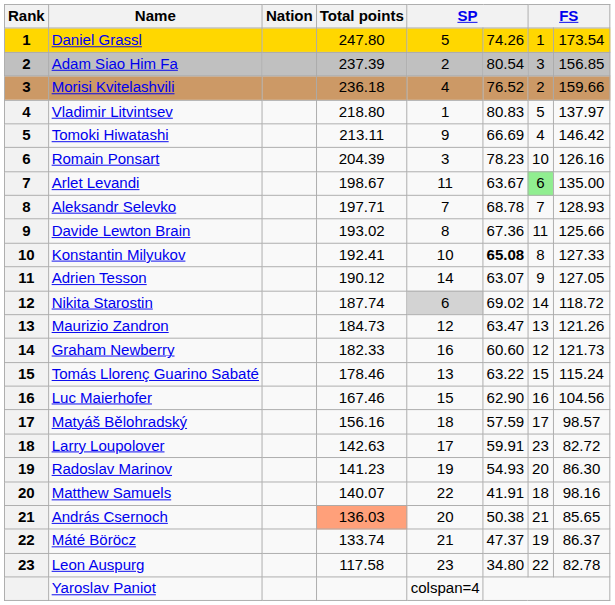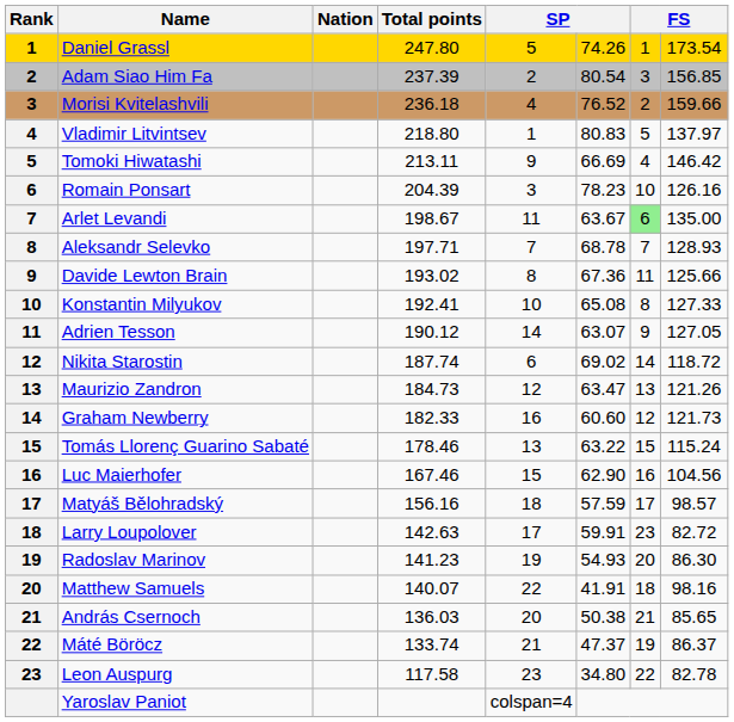 <table class="wikitable sortable">
 <tr>
 <th>Rank</th>
 <th>Name</th>
 <th>Nation</th>
 <th>Total points</th>
 <th colspan="2" width="80px"><a href='#'>SP</a></th>
 <th colspan="2" width="80px"><a href='#'>FS</a></th>
 </tr>
 <tr bgcolor="gold">
 <td align="center"><strong>1</strong></td>
 <td><a href='#'>Daniel Grassl</a></td>
 <td></td>
 <td align="center">247.80</td>
 <td align="center">5</td>
 <td align="center">74.26</td>
 <td align="center">1</td>
 <td align="center">173.54</td>
 </tr>
 <tr bgcolor="silver">
 <td align="center"><strong>2</strong></td>
 <td><a href='#'>Adam Siao Him Fa</a></td>
 <td></td>
 <td align="center">237.39</td>
 <td align="center">2</td>
 <td align="center">80.54</td>
 <td align="center">3</td>
 <td align="center">156.85</td>
 </tr>
 <tr bgcolor="cc9966">
 <td align="center"><strong>3</strong></td>
 <td><a href='#'>Morisi Kvitelashvili</a></td>
 <td></td>
 <td align="center">236.18</td>
 <td align="center">4</td>
 <td align="center">76.52</td>
 <td align="center">2</td>
 <td align="center">159.66</td>
 </tr>
 <tr>
 <th>4</th>
 <td><a href='#'>Vladimir Litvintsev</a></td>
 <td></td>
 <td align="center">218.80</td>
 <td align="center">1</td>
 <td align="center">80.83</td>
 <td align="center">5</td>
 <td align="center">137.97</td>
 </tr>
 <tr>
 <th>5</th>
 <td><a href='#'>Tomoki Hiwatashi</a></td>
 <td></td>
 <td align="center">213.11</td>
 <td align="center">9</td>
 <td align="center">66.69</td>
 <td align="center">4</td>
 <td align="center">146.42</td>
 </tr>
 <tr>
 <th>6</th>
 <td><a href='#'>Romain Ponsart</a></td>
 <td></td>
 <td align="center">204.39</td>
 <td align="center">3</td>
 <td align="center">78.23</td>
 <td align="center">10</td>
 <td align="center">126.16</td>
 </tr>
 <tr>
 <th>7</th>
 <td><a href='#'>Arlet Levandi</a></td>
 <td></td>
 <td align="center">198.67</td>
 <td align="center">11</td>
 <td align="center">63.67</td>
 <td align="center" style="background: lightgreen;">6</td>
 <td align="center">135.00</td>
 </tr>
 <tr>
 <th>8</th>
 <td><a href='#'>Aleksandr Selevko</a></td>
 <td></td>
 <td align="center">197.71</td>
 <td align="center">7</td>
 <td align="center">68.78</td>
 <td align="center">7</td>
 <td align="center">128.93</td>
 </tr>
 <tr>
 <th>9</th>
 <td><a href='#'>Davide Lewton Brain</a></td>
 <td></td>
 <td align="center">193.02</td>
 <td align="center">8</td>
 <td align="center">67.36</td>
 <td align="center">11</td>
 <td align="center">125.66</td>
 </tr>
 <tr>
 <th>10</th>
 <td><a href='#'>Konstantin Milyukov</a></td>
 <td></td>
 <td align="center">192.41</td>
 <td align="center">10</td>
-<td align="center"><strong>65.08</strong></td>
+<td align="center">65.08</td>
 <td align="center">8</td>
 <td align="center">127.33</td>
 </tr>
 <tr>
 <th>11</th>
 <td><a href='#'>Adrien Tesson</a></td>
 <td></td>
 <td align="center">190.12</td>
 <td align="center">14</td>
 <td align="center">63.07</td>
 <td align="center">9</td>
 <td align="center">127.05</td>
 </tr>
 <tr>
 <th>12</th>
 <td><a href='#'>Nikita Starostin</a></td>
 <td></td>
 <td align="center">187.74</td>
-<td align="center" style="background: lightgrey;">6</td>
+<td align="center">6</td>
 <td align="center">69.02</td>
 <td align="center">14</td>
 <td align="center">118.72</td>
 </tr>
 <tr>
 <th>13</th>
 <td><a href='#'>Maurizio Zandron</a></td>
 <td></td>
 <td align="center">184.73</td>
 <td align="center">12</td>
 <td align="center">63.47</td>
 <td align="center">13</td>
 <td align="center">121.26</td>
 </tr>
 <tr>
 <th>14</th>
 <td><a href='#'>Graham Newberry</a></td>
 <td></td>
 <td align="center">182.33</td>
 <td align="center">16</td>
 <td align="center">60.60</td>
 <td align="center">12</td>
 <td align="center">121.73</td>
 </tr>
 <tr>
 <th>15</th>
 <td><a href='#'>Tomás Llorenç Guarino Sabaté</a></td>
 <td></td>
 <td align="center">178.46</td>
 <td align="center">13</td>
 <td align="center">63.22</td>
 <td align="center">15</td>
 <td align="center">115.24</td>
 </tr>
 <tr>
 <th>16</th>
 <td><a href='#'>Luc Maierhofer</a></td>
 <td></td>
 <td align="center">167.46</td>
 <td align="center">15</td>
 <td align="center">62.90</td>
 <td align="center">16</td>
 <td align="center">104.56</td>
 </tr>
 <tr>
 <th>17</th>
 <td><a href='#'>Matyáš Bělohradský</a></td>
 <td></td>
 <td align="center">156.16</td>
 <td align="center">18</td>
 <td align="center">57.59</td>
 <td align="center">17</td>
 <td align="center">98.57</td>
 </tr>
 <tr>
 <th>18</th>
 <td><a href='#'>Larry Loupolover</a></td>
 <td></td>
 <td align="center">142.63</td>
 <td align="center">17</td>
 <td align="center">59.91</td>
 <td align="center">23</td>
 <td align="center">82.72</td>
 </tr>
 <tr>
 <th>19</th>
 <td><a href='#'>Radoslav Marinov</a></td>
 <td></td>
 <td align="center">141.23</td>
 <td align="center">19</td>
 <td align="center">54.93</td>
 <td align="center">20</td>
 <td align="center">86.30</td>
 </tr>
 <tr>
 <th>20</th>
 <td><a href='#'>Matthew Samuels</a></td>
 <td></td>
 <td align="center">140.07</td>
 <td align="center">22</td>
 <td align="center">41.91</td>
 <td align="center">18</td>
 <td align="center">98.16</td>
 </tr>
 <tr>
 <th>21</th>
 <td><a href='#'>András Csernoch</a></td>
 <td></td>
-<td align="center" style="background: lightsalmon;">136.03</td>
+<td align="center">136.03</td>
 <td align="center">20</td>
 <td align="center">50.38</td>
 <td align="center">21</td>
 <td align="center">85.65</td>
 </tr>
 <tr>
 <th>22</th>
 <td><a href='#'>Máté Böröcz</a></td>
 <td></td>
 <td align="center">133.74</td>
 <td align="center">21</td>
 <td align="center">47.37</td>
 <td align="center">19</td>
 <td align="center">86.37</td>
 </tr>
 <tr>
 <th>23</th>
 <td><a href='#'>Leon Auspurg</a></td>
 <td></td>
 <td align="center">117.58</td>
 <td align="center">23</td>
 <td align="center">34.80</td>
 <td align="center">22</td>
 <td align="center">82.78</td>
 </tr>
 <tr>
 <th></th>
 <td><a href='#'>Yaroslav Paniot</a></td>
 <td></td>
 <td></td>
 <td>colspan=4 </td>
 </tr>
 </table>
